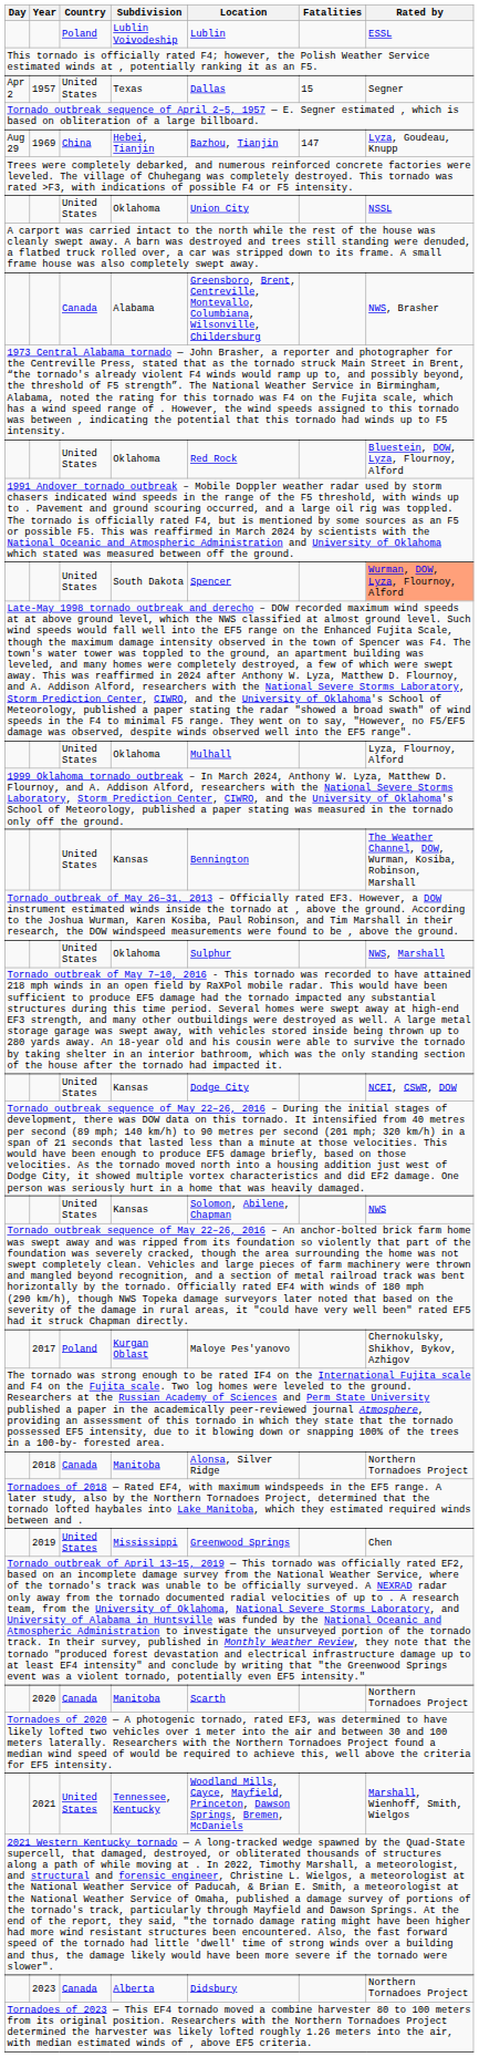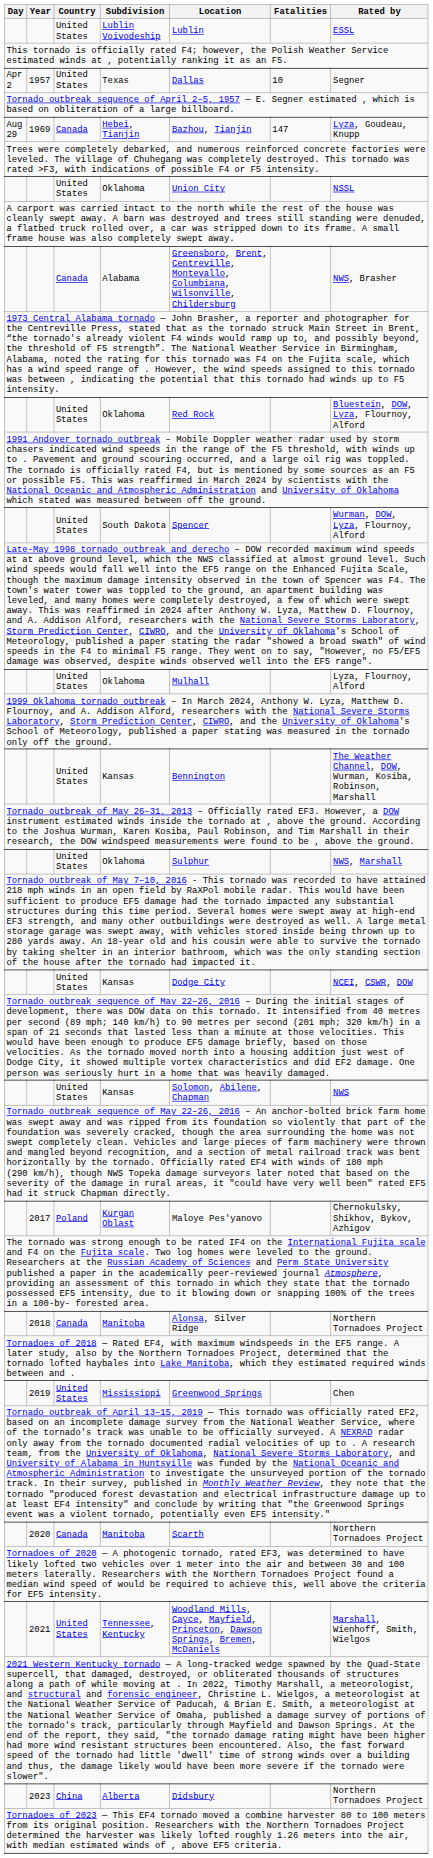 <table class="wikitable sortable" style="width:100%;">
 <tr>
 <th scope="col" align="center" class="unsortable">Day</th>
 <th scope="col" align="center" class="unsortable">Year</th>
 <th scope="col" align="center">Country</th>
 <th scope="col" align="center">Subdivision</th>
 <th scope="col" align="center">Location</th>
 <th scope="col" align="center">Fatalities</th>
 <th scope="col" align="center">Rated by</th>
 </tr>
 <tr id="1930">
 <td></td>
 <td></td>
-<td><a href='#'>Poland</a></td>
+<td>United States</td>
 <td><a href='#'>Lublin Voivodeship</a></td>
 <td><a href='#'>Lublin</a></td>
 <td></td>
 <td><a href='#'>ESSL</a></td>
 </tr>
 <tr class="expand-child">
 <td colspan="7" style=" border-bottom: 1px solid black;">This tornado is officially rated F4; however, the Polish Weather Service estimated winds at , potentially ranking it as an F5.</td>
 </tr>
 <tr>
 <td>Apr 2</td>
 <td>1957</td>
 <td>United States</td>
 <td>Texas</td>
 <td><a href='#'>Dallas</a></td>
-<td>15</td>
+<td>10</td>
 <td>Segner</td>
 </tr>
 <tr class="expand-child">
 <td colspan="7" style=" border-bottom: 1px solid black;"><a href='#'>Tornado outbreak sequence of April 2–5, 1957</a> — E. Segner estimated , which is based on obliteration of a large billboard.</td>
 </tr>
 <tr>
 <td>Aug 29</td>
 <td>1969</td>
-<td><a href='#'>China</a></td>
+<td><a href='#'>Canada</a></td>
 <td><a href='#'>Hebei</a>, <a href='#'>Tianjin</a></td>
 <td><a href='#'>Bazhou</a>, <a href='#'>Tianjin</a></td>
 <td>147</td>
 <td><a href='#'>Lyza</a>, Goudeau, Knupp</td>
 </tr>
 <tr class="expand-child">
 <td colspan="7" style=" border-bottom: 1px solid black;">Trees were completely debarked, and numerous reinforced concrete factories were leveled. The village of Chuhegang was completely destroyed. This tornado was rated >F3, with indications of possible F4 or F5 intensity.</td>
 </tr>
 <tr>
 <td></td>
 <td></td>
 <td>United States</td>
 <td>Oklahoma</td>
 <td><a href='#'>Union City</a></td>
 <td></td>
 <td><a href='#'>NSSL</a></td>
 </tr>
 <tr class="expand-child">
 <td colspan="7" style=" border-bottom: 1px solid black;">A carport was carried intact to the north while the rest of the house was cleanly swept away. A barn was destroyed and trees still standing were denuded, a flatbed truck rolled over, a car was stripped down to its frame. A small frame house was also completely swept away.</td>
 </tr>
 <tr>
 <td></td>
 <td></td>
 <td><a href='#'>Canada</a></td>
 <td>Alabama</td>
 <td><a href='#'>Greensboro</a>, <a href='#'>Brent</a>, <a href='#'>Centreville</a>, <a href='#'>Montevallo</a>, <a href='#'>Columbiana</a>, <a href='#'>Wilsonville</a>, <a href='#'>Childersburg</a></td>
 <td></td>
 <td><a href='#'>NWS</a>, Brasher</td>
 </tr>
 <tr class="expand-child">
 <td colspan="7" style=" border-bottom: 1px solid black;"><a href='#'>1973 Central Alabama tornado</a> — John Brasher, a reporter and photographer for the Centreville Press, stated that as the tornado struck Main Street in Brent, “the tornado's already violent F4 winds would ramp up to, and possibly beyond, the threshold of F5 strength”. The National Weather Service in Birmingham, Alabama, noted the rating for this tornado was F4 on the Fujita scale, which has a wind speed range of . However, the wind speeds assigned to this tornado was between , indicating the potential that this tornado had winds up to F5 intensity.</td>
 </tr>
 <tr id="1990">
 <td></td>
 <td></td>
 <td>United States</td>
 <td>Oklahoma</td>
 <td><a href='#'>Red Rock</a></td>
 <td></td>
 <td><a href='#'>Bluestein</a>, <a href='#'>DOW</a>, <a href='#'>Lyza</a>, Flournoy, Alford</td>
 </tr>
 <tr class="expand-child">
 <td colspan="7" style=" border-bottom: 1px solid black;"><a href='#'>1991 Andover tornado outbreak</a> – Mobile Doppler weather radar used by storm chasers indicated wind speeds in the range of the F5 threshold, with winds up to . Pavement and ground scouring occurred, and a large oil rig was toppled. The tornado is officially rated F4, but is mentioned by some sources as an F5 or possible F5. This was reaffirmed in March 2024 by scientists with the <a href='#'>National Oceanic and Atmospheric Administration</a> and <a href='#'>University of Oklahoma</a> which stated  was measured between  off the ground.</td>
 </tr>
 <tr>
 <td></td>
 <td></td>
 <td>United States</td>
 <td>South Dakota</td>
 <td><a href='#'>Spencer</a></td>
 <td></td>
-<td style="background: lightsalmon;"><a href='#'>Wurman</a>, <a href='#'>DOW</a>, <a href='#'>Lyza</a>, Flournoy, Alford</td>
+<td><a href='#'>Wurman</a>, <a href='#'>DOW</a>, <a href='#'>Lyza</a>, Flournoy, Alford</td>
 </tr>
 <tr class="expand-child">
 <td colspan="7" style=" border-bottom: 1px solid black;"><a href='#'>Late-May 1998 tornado outbreak and derecho</a> – DOW recorded maximum wind speeds at  at  above ground level, which the NWS classified at almost ground level. Such wind speeds would fall well into the EF5 range on the Enhanced Fujita Scale, though the maximum damage intensity observed in the town of Spencer was F4. The town's water tower was toppled to the ground, an apartment building was leveled, and many homes were completely destroyed, a few of which were swept away. This was reaffirmed in 2024 after Anthony W. Lyza, Matthew D. Flournoy, and A. Addison Alford, researchers with the <a href='#'>National Severe Storms Laboratory</a>, <a href='#'>Storm Prediction Center</a>, <a href='#'>CIWRO</a>, and the <a href='#'>University of Oklahoma</a>'s School of Meteorology, published a paper stating the radar "showed a broad swath" of wind speeds in the F4 to minimal F5 range. They went on to say, "However, no F5/EF5 damage was observed, despite winds observed well into the EF5 range".</td>
 </tr>
 <tr>
 <td></td>
 <td></td>
 <td>United States</td>
 <td>Oklahoma</td>
 <td><a href='#'>Mulhall</a></td>
 <td></td>
 <td>Lyza, Flournoy, Alford</td>
 </tr>
 <tr class="expand-child">
 <td colspan="7" style=" border-bottom: 1px solid black;"><a href='#'>1999 Oklahoma tornado outbreak</a> – In March 2024, Anthony W. Lyza, Matthew D. Flournoy, and A. Addison Alford, researchers with the <a href='#'>National Severe Storms Laboratory</a>, <a href='#'>Storm Prediction Center</a>, <a href='#'>CIWRO</a>, and the <a href='#'>University of Oklahoma</a>'s School of Meteorology, published a paper stating  was measured in the tornado only  off the ground.</td>
 </tr>
 <tr id="2010">
 <td></td>
 <td></td>
 <td>United States</td>
 <td>Kansas</td>
 <td><a href='#'>Bennington</a></td>
 <td></td>
 <td><a href='#'>The Weather Channel</a>, <a href='#'>DOW</a>, Wurman, Kosiba, Robinson, Marshall</td>
 </tr>
 <tr class="expand-child">
 <td colspan="7" style=" border-bottom: 1px solid black;"><a href='#'>Tornado outbreak of May 26–31, 2013</a> – Officially rated EF3. However, a <a href='#'>DOW</a> instrument estimated winds inside the tornado at ,  above the ground. According to the Joshua Wurman, Karen Kosiba, Paul Robinson, and Tim Marshall in their research, the DOW windspeed measurements were found to be ,  above the ground.</td>
 </tr>
 <tr>
 <td></td>
 <td></td>
 <td>United States</td>
 <td>Oklahoma</td>
 <td><a href='#'>Sulphur</a></td>
 <td></td>
 <td><a href='#'>NWS</a>, <a href='#'>Marshall</a></td>
 </tr>
 <tr class="expand-child">
 <td colspan="7" style=" border-bottom: 1px solid black;"><a href='#'>Tornado outbreak of May 7–10, 2016</a> - This tornado was recorded to have attained 218 mph winds in an open field by RaXPol mobile radar. This would have been sufficient to produce EF5 damage had the tornado impacted any substantial structures during this time period. Several homes were swept away at high-end EF3 strength, and many other outbuildings were destroyed as well. A large metal storage garage was swept away, with vehicles stored inside being thrown up to 280 yards away. An 18-year old and his cousin were able to survive the tornado by taking shelter in an interior bathroom, which was the only standing section of the house after the tornado had impacted it.</td>
 </tr>
 <tr>
 <td></td>
 <td></td>
 <td>United States</td>
 <td>Kansas</td>
 <td><a href='#'>Dodge City</a></td>
 <td></td>
 <td><a href='#'>NCEI</a>, <a href='#'>CSWR</a>, <a href='#'>DOW</a></td>
 </tr>
 <tr class="expand-child">
 <td colspan="7" style=" border-bottom: 1px solid black;"><a href='#'>Tornado outbreak sequence of May 22–26, 2016</a> – During the initial stages of development, there was DOW data on this tornado. It intensified from 40 metres per second (89 mph; 140 km/h) to 90 metres per second (201 mph; 320 km/h) in a span of 21 seconds that lasted less than a minute at those velocities. This would have been enough to produce EF5 damage briefly, based on those velocities. As the tornado moved north into a housing addition just west of Dodge City, it showed multiple vortex characteristics and did EF2 damage. One person was seriously hurt in a home that was heavily damaged.</td>
 </tr>
 <tr>
 <td></td>
 <td></td>
 <td>United States</td>
 <td>Kansas</td>
 <td><a href='#'>Solomon</a>, <a href='#'>Abilene</a>, <a href='#'>Chapman</a></td>
 <td></td>
 <td><a href='#'>NWS</a></td>
 </tr>
 <tr class="expand-child">
 <td colspan="7" style=" border-bottom: 1px solid black;"><a href='#'>Tornado outbreak sequence of May 22–26, 2016</a> – An anchor-bolted brick farm home was swept away and was ripped from its foundation so violently that part of the foundation was severely cracked, though the area surrounding the home was not swept completely clean. Vehicles and large pieces of farm machinery were thrown and mangled beyond recognition, and a section of metal railroad track was bent horizontally by the tornado. Officially rated EF4 with winds of 180 mph (290 km/h), though NWS Topeka damage surveyors later noted that based on the severity of the damage in rural areas, it "could have very well been" rated EF5 had it struck Chapman directly.</td>
 </tr>
 <tr>
 <td></td>
 <td>2017</td>
 <td><a href='#'>Poland</a></td>
 <td><a href='#'>Kurgan Oblast</a></td>
 <td>Maloye Pes'yanovo</td>
 <td></td>
 <td>Chernokulsky, Shikhov, Bykov, Azhigov</td>
 </tr>
 <tr class="expand-child">
 <td colspan="7" style=" border-bottom: 1px solid black;">The tornado was strong enough to be rated IF4 on the <a href='#'>International Fujita scale</a> and F4 on the <a href='#'>Fujita scale</a>. Two log homes were leveled to the ground. Researchers at the <a href='#'>Russian Academy of Sciences</a> and <a href='#'>Perm State University</a> published a paper in the academically peer-reviewed journal <a href='#'><em>Atmosphere</em></a>, providing an assessment of this tornado in which they state that the tornado possessed EF5 intensity, due to it blowing down or snapping 100% of the trees in a 100-by- forested area.</td>
 </tr>
 <tr>
 <td></td>
 <td>2018</td>
 <td><a href='#'>Canada</a></td>
 <td><a href='#'>Manitoba</a></td>
 <td><a href='#'>Alonsa</a>, Silver Ridge</td>
 <td></td>
 <td>Northern Tornadoes Project</td>
 </tr>
 <tr class="expand-child">
 <td colspan="7" style=" border-bottom: 1px solid black;"><a href='#'>Tornadoes of 2018</a> — Rated EF4, with maximum windspeeds in the EF5 range. A later study, also by the Northern Tornadoes Project, determined that the tornado lofted haybales into <a href='#'>Lake Manitoba</a>, which they estimated required winds between  and .</td>
 </tr>
 <tr>
 <td></td>
 <td>2019</td>
 <td><a href='#'>United States</a></td>
 <td><a href='#'>Mississippi</a></td>
 <td><a href='#'>Greenwood Springs</a></td>
 <td></td>
 <td>Chen</td>
 </tr>
 <tr class="expand-child">
 <td colspan="7" style=" border-bottom: 1px solid black;"><a href='#'>Tornado outbreak of April 13–15, 2019</a> — This tornado was officially rated EF2, based on an incomplete damage survey from the National Weather Service, where  of the tornado's track was unable to be officially surveyed. A <a href='#'>NEXRAD</a> radar only  away from the tornado documented radial velocities of up to . A research team, from the <a href='#'>University of Oklahoma</a>, <a href='#'>National Severe Storms Laboratory</a>, and <a href='#'>University of Alabama in Huntsville</a> was funded by the <a href='#'>National Oceanic and Atmospheric Administration</a> to investigate the unsurveyed portion of the tornado track. In their survey, published in <em><a href='#'>Monthly Weather Review</a></em>, they note that the tornado "produced forest devastation and electrical infrastructure damage up to at least EF4 intensity" and conclude by writing that "the Greenwood Springs event was a violent tornado, potentially even EF5 intensity."</td>
 </tr>
 <tr>
 <td></td>
 <td>2020</td>
 <td><a href='#'>Canada</a></td>
 <td><a href='#'>Manitoba</a></td>
 <td><a href='#'>Scarth</a></td>
 <td></td>
 <td>Northern Tornadoes Project</td>
 </tr>
 <tr class="expand-child">
 <td colspan="7" style=" border-bottom: 1px solid black;"><a href='#'>Tornadoes of 2020</a> — A photogenic tornado, rated EF3, was determined to have likely lofted two vehicles over 1 meter into the air and between 30 and 100 meters laterally. Researchers with the Northern Tornadoes Project found a median wind speed of  would be required to achieve this, well above the criteria for EF5 intensity.</td>
 </tr>
 <tr id="2020">
 <td></td>
 <td>2021</td>
 <td><a href='#'>United States</a></td>
 <td><a href='#'>Tennessee</a>, <a href='#'>Kentucky</a></td>
 <td><a href='#'>Woodland Mills</a>, <a href='#'>Cayce</a>, <a href='#'>Mayfield</a>, <a href='#'>Princeton</a>, <a href='#'>Dawson Springs</a>, <a href='#'>Bremen</a>, <a href='#'>McDaniels</a></td>
 <td></td>
 <td><a href='#'>Marshall</a>, Wienhoff, Smith, Wielgos</td>
 </tr>
 <tr class="expand-child">
 <td colspan="7" style=" border-bottom: 1px solid black;"><a href='#'>2021 Western Kentucky tornado</a> — A long-tracked wedge spawned by the Quad-State supercell, that damaged, destroyed, or obliterated thousands of structures along a path of  while moving at . In 2022, Timothy Marshall, a meteorologist, and <a href='#'>structural</a> and <a href='#'>forensic engineer</a>, Christine L. Wielgos, a meteorologist at the National Weather Service of Paducah, & Brian E. Smith, a meteorologist at the National Weather Service of Omaha, published a damage survey of portions of the tornado's track, particularly through Mayfield and Dawson Springs. At the end of the report, they said, "the tornado damage rating might have been higher had more wind resistant structures been encountered. Also, the fast forward speed of the tornado had little 'dwell' time of strong winds over a building and thus, the damage likely would have been more severe if the tornado were slower".</td>
 </tr>
 <tr>
 <td></td>
 <td>2023</td>
-<td><a href='#'>Canada</a></td>
+<td><a href='#'>China</a></td>
 <td><a href='#'>Alberta</a></td>
 <td><a href='#'>Didsbury</a></td>
 <td></td>
 <td>Northern Tornadoes Project</td>
 </tr>
 <tr class="expand-child">
 <td colspan="7" style=" border-bottom: 1px solid black;"><a href='#'>Tornadoes of 2023</a> — This EF4 tornado moved a combine harvester 80 to 100 meters from its original position. Researchers with the Northern Tornadoes Project determined the harvester was likely lofted roughly 1.26 meters into the air, with median estimated winds of , above EF5 criteria.</td>
 </tr>
 </table>
